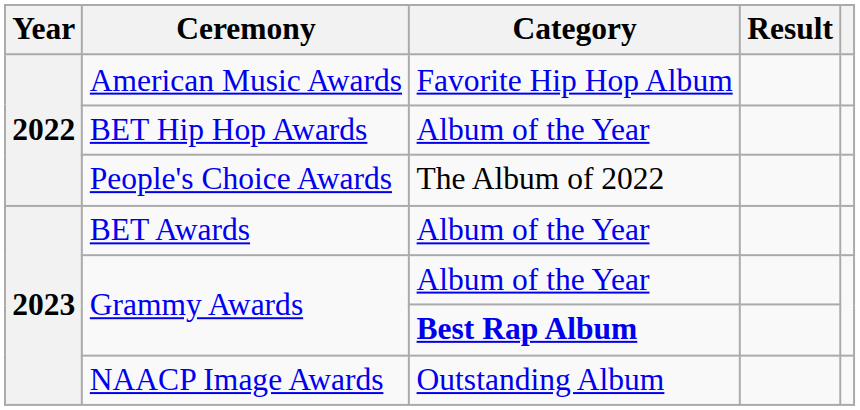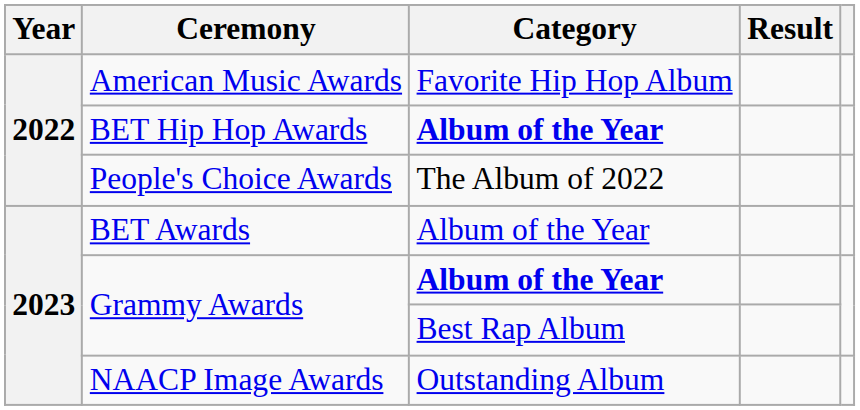 <table class="wikitable sortable plainrowheaders" style="border:none; margin:0;">
 <tr>
 <th scope="col">Year</th>
 <th scope="col">Ceremony</th>
 <th scope="col">Category</th>
 <th scope="col">Result</th>
 <th scope="col" class="unsortable"></th>
 </tr>
 <tr>
 <th scope="row" rowspan="3">2022</th>
 <td><a href='#'>American Music Awards</a></td>
 <td><a href='#'>Favorite Hip Hop Album</a></td>
 <td></td>
 <td></td>
 </tr>
 <tr>
 <td><a href='#'>BET Hip Hop Awards</a></td>
-<td><a href='#'>Album of the Year</a></td>
+<td><strong><a href='#'>Album of the Year</a></strong></td>
 <td></td>
 <td></td>
 </tr>
 <tr>
 <td><a href='#'>People's Choice Awards</a></td>
 <td>The Album of 2022</td>
 <td></td>
 <td></td>
 </tr>
 <tr>
 <th scope="row" rowspan="4">2023</th>
 <td><a href='#'>BET Awards</a></td>
 <td><a href='#'>Album of the Year</a></td>
 <td></td>
 <td></td>
 </tr>
 <tr>
 <td rowspan="2"><a href='#'>Grammy Awards</a></td>
-<td><a href='#'>Album of the Year</a></td>
+<td><strong><a href='#'>Album of the Year</a></strong></td>
 <td></td>
 <td rowspan="2"></td>
 </tr>
 <tr>
-<td><strong><a href='#'>Best Rap Album</a></strong></td>
+<td><a href='#'>Best Rap Album</a></td>
 <td></td>
 </tr>
 <tr>
 <td><a href='#'>NAACP Image Awards</a></td>
 <td><a href='#'>Outstanding Album</a></td>
 <td></td>
 <td></td>
 </tr>
 </table>
